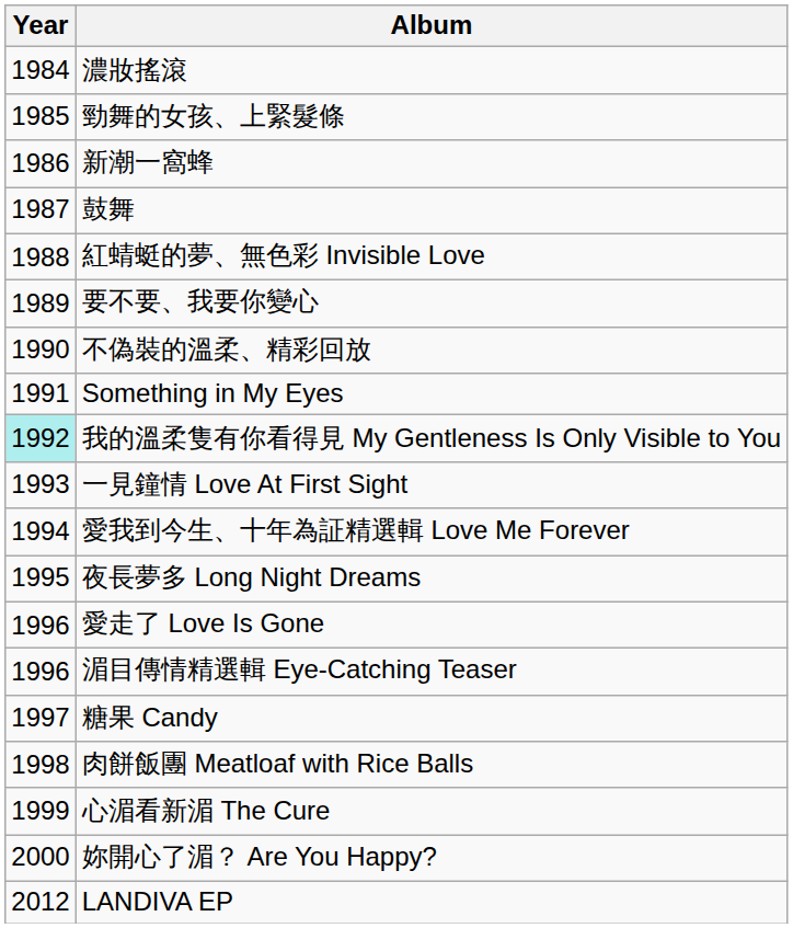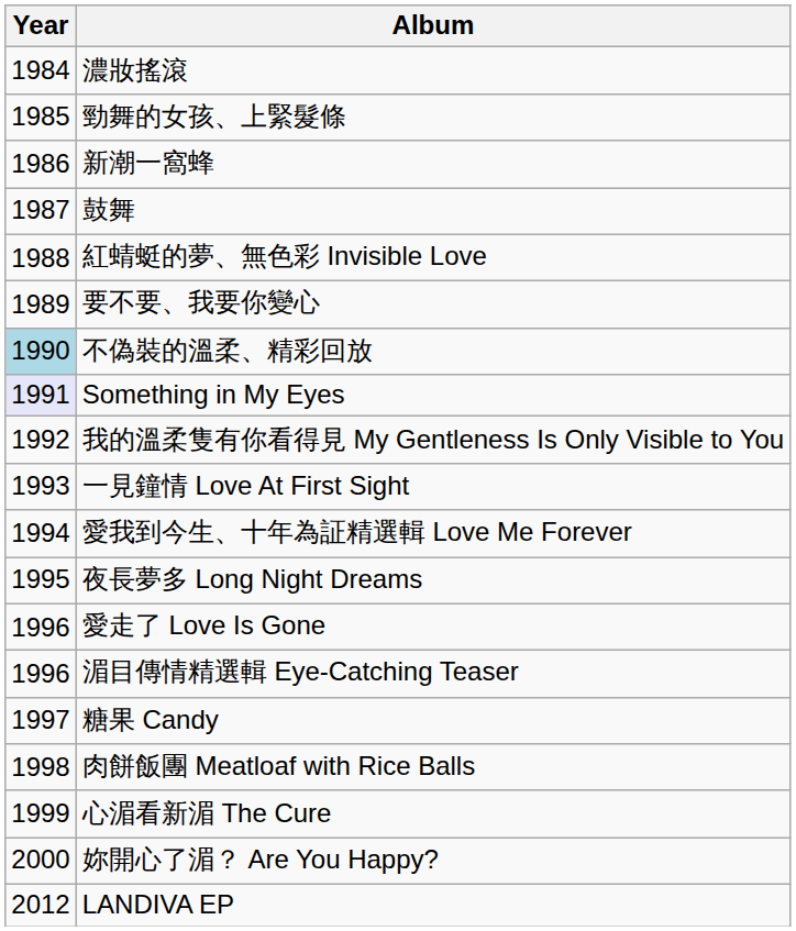 <table class="wikitable sortable">
 <tr>
 <th>Year</th>
 <th>Album</th>
 </tr>
 <tr>
 <td align=\"center\">1984</td>
 <td align=\"left\">濃妝搖滾</td>
 </tr>
 <tr>
 <td align=\"center\">1985</td>
 <td align=\"left\">勁舞的女孩、上緊髮條</td>
 </tr>
 <tr>
 <td align=\"center\">1986</td>
 <td align=\"left\">新潮一窩蜂</td>
 </tr>
 <tr>
 <td align=\"center\">1987</td>
 <td align=\"left\">鼓舞</td>
 </tr>
 <tr>
 <td align=\"center\">1988</td>
 <td align=\"left\">紅蜻蜓的夢、無色彩 Invisible Love</td>
 </tr>
 <tr>
 <td align=\"center\">1989</td>
 <td align=\"left\">要不要、我要你變心</td>
 </tr>
 <tr>
-<td align=\"center\">1990</td>
+<td align=\"center\" style="background: lightblue;">1990</td>
 <td align=\"left\">不偽裝的溫柔、精彩回放</td>
 </tr>
 <tr>
-<td align=\"center\">1991</td>
+<td align=\"center\" style="background: lavender;">1991</td>
 <td align=\"left\">Something in My Eyes</td>
 </tr>
 <tr>
-<td align=\"center\" style="background: paleturquoise;">1992</td>
+<td align=\"center\">1992</td>
 <td align=\"left\">我的溫柔隻有你看得見 My Gentleness Is Only Visible to You</td>
 </tr>
 <tr>
 <td align=\"center\">1993</td>
 <td align=\"left\">一見鐘情 Love At First Sight</td>
 </tr>
 <tr>
 <td align=\"center\">1994</td>
 <td align=\"left\">愛我到今生、十年為証精選輯 Love Me Forever</td>
 </tr>
 <tr>
 <td align=\"center\">1995</td>
 <td align=\"left\">夜長夢多 Long Night Dreams</td>
 </tr>
 <tr>
 <td align=\"center\">1996</td>
 <td align=\"left\">愛走了 Love Is Gone</td>
 </tr>
 <tr>
 <td align=\"center\">1996</td>
 <td align=\"left\">湄目傳情精選輯 Eye-Catching Teaser</td>
 </tr>
 <tr>
 <td align=\"center\">1997</td>
 <td align=\"left\">糖果 Candy</td>
 </tr>
 <tr>
 <td align=\"center\">1998</td>
 <td align=\"left\">肉餅飯團 Meatloaf with Rice Balls</td>
 </tr>
 <tr>
 <td align=\"center\">1999</td>
 <td align=\"left\">心湄看新湄 The Cure</td>
 </tr>
 <tr>
 <td align=\"center\">2000</td>
 <td align=\"left\">妳開心了湄？ Are You Happy?</td>
 </tr>
 <tr>
 <td align=\"center\">2012</td>
 <td align=\"left\">LANDIVA EP</td>
 </tr>
 </table>
